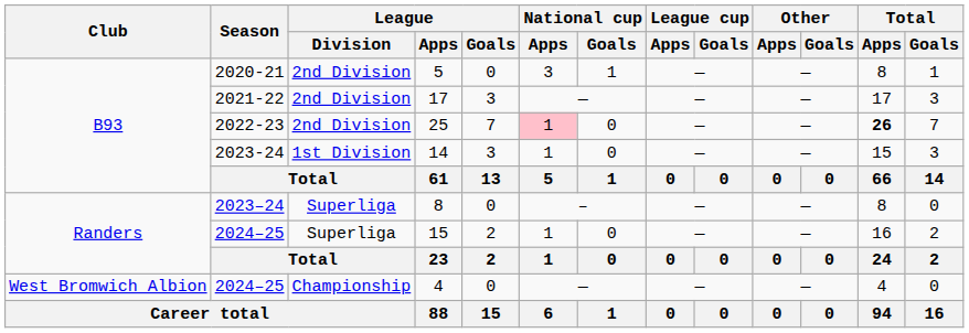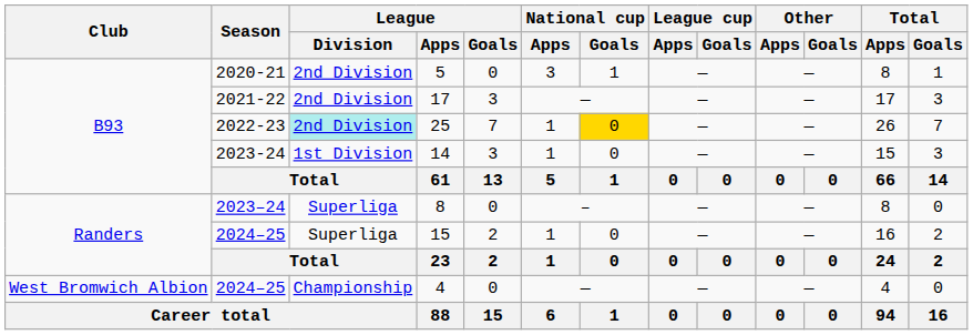 <table class="wikitable" style="text-align:center">
 <tr>
 <th rowspan="2">Club</th>
 <th rowspan="2">Season</th>
 <th colspan="3">League</th>
 <th colspan="2">National cup</th>
 <th colspan="2">League cup</th>
 <th colspan="2">Other</th>
 <th colspan="2">Total</th>
 </tr>
 <tr>
 <th>Division</th>
 <th>Apps</th>
 <th>Goals</th>
 <th>Apps</th>
 <th>Goals</th>
 <th>Apps</th>
 <th>Goals</th>
 <th>Apps</th>
 <th>Goals</th>
 <th>Apps</th>
 <th>Goals</th>
 </tr>
 <tr>
 <td rowspan="5"><a href='#'>B93</a></td>
 <td>2020-21</td>
 <td><a href='#'>2nd Division</a></td>
 <td>5</td>
 <td>0</td>
 <td>3</td>
 <td>1</td>
 <td colspan="2">—</td>
 <td colspan="2">—</td>
 <td>8</td>
 <td>1</td>
 </tr>
 <tr>
 <td>2021-22</td>
 <td><a href='#'>2nd Division</a></td>
 <td>17</td>
 <td>3</td>
 <td colspan="2">—</td>
 <td colspan="2">—</td>
 <td colspan="2">—</td>
 <td>17</td>
 <td>3</td>
 </tr>
 <tr>
 <td>2022-23</td>
-<td><a href='#'>2nd Division</a></td>
+<td style="background: paleturquoise;"><a href='#'>2nd Division</a></td>
 <td>25</td>
 <td>7</td>
-<td style="background: pink;">1</td>
-<td>0</td>
+<td>1</td>
+<td style="background: gold;">0</td>
 <td colspan="2">—</td>
 <td colspan="2">—</td>
-<td><strong>26</strong></td>
+<td>26</td>
 <td>7</td>
 </tr>
 <tr>
 <td>2023-24</td>
 <td><a href='#'>1st Division</a></td>
 <td>14</td>
 <td>3</td>
 <td>1</td>
 <td>0</td>
 <td colspan="2">—</td>
 <td colspan="2">—</td>
 <td>15</td>
 <td>3</td>
 </tr>
 <tr>
 <th colspan="2">Total</th>
 <th>61</th>
 <th>13</th>
 <th>5</th>
 <th>1</th>
 <th>0</th>
 <th>0</th>
 <th>0</th>
 <th>0</th>
 <th>66</th>
 <th>14</th>
 </tr>
 <tr>
 <td rowspan="3"><a href='#'>Randers</a></td>
 <td><a href='#'>2023–24</a></td>
 <td><a href='#'>Superliga</a></td>
 <td>8</td>
 <td>0</td>
 <td colspan="2">–</td>
 <td colspan="2">—</td>
 <td colspan="2">—</td>
 <td>8</td>
 <td>0</td>
 </tr>
 <tr>
 <td><a href='#'>2024–25</a></td>
 <td>Superliga</td>
 <td>15</td>
 <td>2</td>
 <td>1</td>
 <td>0</td>
 <td colspan="2">—</td>
 <td colspan="2">—</td>
 <td>16</td>
 <td>2</td>
 </tr>
 <tr>
 <th colspan="2">Total</th>
 <th>23</th>
 <th>2</th>
 <th>1</th>
 <th>0</th>
 <th>0</th>
 <th>0</th>
 <th>0</th>
 <th>0</th>
 <th>24</th>
 <th>2</th>
 </tr>
 <tr>
 <td><a href='#'>West Bromwich Albion</a></td>
 <td><a href='#'>2024–25</a></td>
 <td><a href='#'>Championship</a></td>
 <td>4</td>
 <td>0</td>
 <td colspan="2">—</td>
 <td colspan="2">—</td>
 <td colspan="2">—</td>
 <td>4</td>
 <td>0</td>
 </tr>
 <tr>
 <th colspan="3">Career total</th>
 <th>88</th>
 <th>15</th>
 <th>6</th>
 <th>1</th>
 <th>0</th>
 <th>0</th>
 <th>0</th>
 <th>0</th>
 <th>94</th>
 <th>16</th>
 </tr>
 </table>
